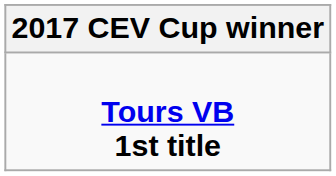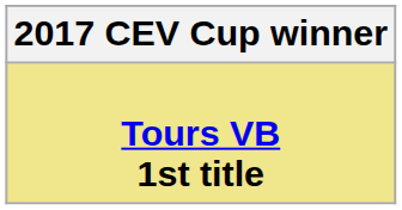 <table class=wikitable style="text-align:center; margin:auto">
 <tr>
 <th>2017 CEV Cup winner</th>
 </tr>
 <tr>
-<td><br><strong><a href='#'>Tours VB</a></strong><br> <strong>1st title</strong></td>
+<td style="background: khaki;"><br><strong><a href='#'>Tours VB</a></strong><br> <strong>1st title</strong></td>
 </tr>
 </table>
